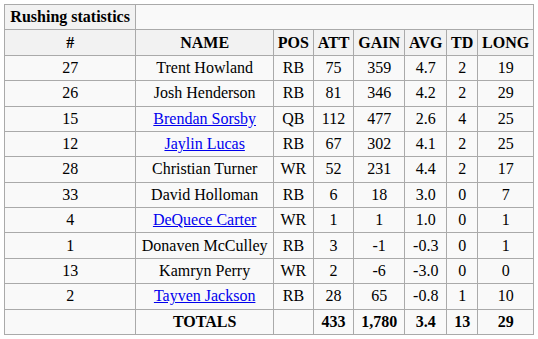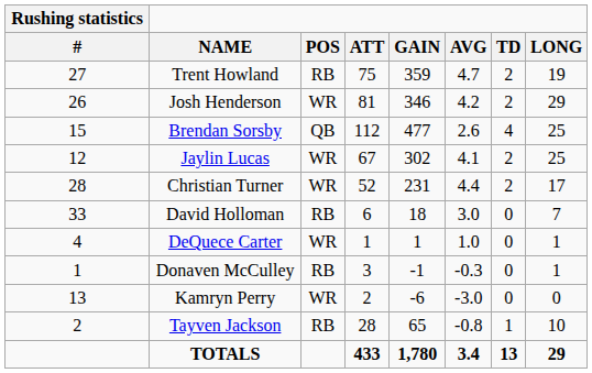 <table style="width:60%; text-align:center;" class="wikitable collapsible collapsed">
 <tr>
 <th style="text-align:center; ">Rushing statistics</th>
 </tr>
 <tr>
 <th>#</th>
 <th>NAME</th>
 <th>POS</th>
 <th>ATT</th>
 <th>GAIN</th>
 <th>AVG</th>
 <th>TD</th>
 <th>LONG</th>
 </tr>
 <tr>
 <td>27</td>
 <td>Trent Howland</td>
 <td>RB</td>
 <td>75</td>
 <td>359</td>
 <td>4.7</td>
 <td>2</td>
 <td>19</td>
 </tr>
 <tr>
 <td>26</td>
 <td>Josh Henderson</td>
-<td>RB</td>
+<td>WR</td>
 <td>81</td>
 <td>346</td>
 <td>4.2</td>
 <td>2</td>
 <td>29</td>
 </tr>
 <tr>
 <td>15</td>
 <td><a href='#'>Brendan Sorsby</a></td>
 <td>QB</td>
 <td>112</td>
 <td>477</td>
 <td>2.6</td>
 <td>4</td>
 <td>25</td>
 </tr>
 <tr>
 <td>12</td>
 <td><a href='#'>Jaylin Lucas</a></td>
-<td>RB</td>
+<td>WR</td>
 <td>67</td>
 <td>302</td>
 <td>4.1</td>
 <td>2</td>
 <td>25</td>
 </tr>
 <tr>
 <td>28</td>
 <td>Christian Turner</td>
 <td>WR</td>
 <td>52</td>
 <td>231</td>
 <td>4.4</td>
 <td>2</td>
 <td>17</td>
 </tr>
 <tr>
 <td>33</td>
 <td>David Holloman</td>
 <td>RB</td>
 <td>6</td>
 <td>18</td>
 <td>3.0</td>
 <td>0</td>
 <td>7</td>
 </tr>
 <tr>
 <td>4</td>
 <td><a href='#'>DeQuece Carter</a></td>
 <td>WR</td>
 <td>1</td>
 <td>1</td>
 <td>1.0</td>
 <td>0</td>
 <td>1</td>
 </tr>
 <tr>
 <td>1</td>
 <td>Donaven McCulley</td>
 <td>RB</td>
 <td>3</td>
 <td>-1</td>
 <td>-0.3</td>
 <td>0</td>
 <td>1</td>
 </tr>
 <tr>
 <td>13</td>
 <td>Kamryn Perry</td>
 <td>WR</td>
 <td>2</td>
 <td>-6</td>
 <td>-3.0</td>
 <td>0</td>
 <td>0</td>
 </tr>
 <tr>
 <td>2</td>
 <td><a href='#'>Tayven Jackson</a></td>
 <td>RB</td>
 <td>28</td>
 <td>65</td>
 <td>-0.8</td>
 <td>1</td>
 <td>10</td>
 </tr>
 <tr>
 <td></td>
 <td><strong>TOTALS</strong></td>
 <td></td>
 <td><strong>433</strong></td>
 <td><strong>1,780</strong></td>
 <td><strong>3.4</strong></td>
 <td><strong>13</strong></td>
 <td><strong>29</strong></td>
 </tr>
 </table>
